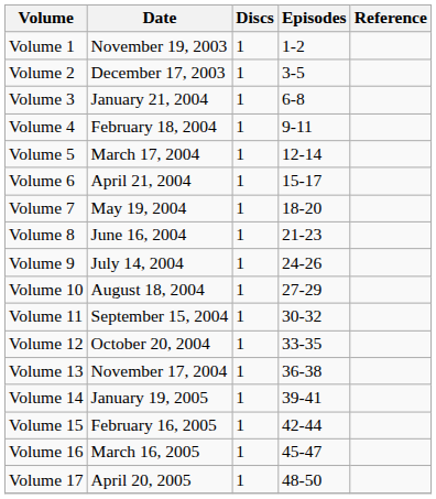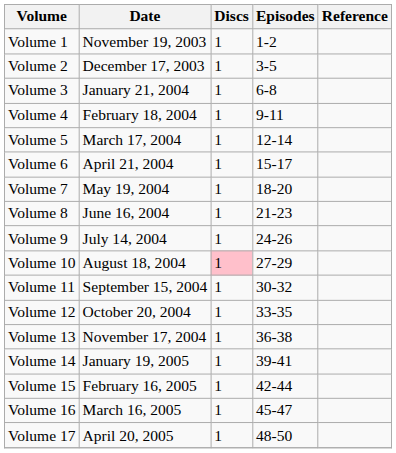 <table class="wikitable" border="1">
 <tr>
 <th>Volume</th>
 <th>Date</th>
 <th>Discs</th>
 <th>Episodes</th>
 <th>Reference</th>
 </tr>
 <tr>
 <td>Volume 1</td>
 <td>November 19, 2003</td>
 <td>1</td>
 <td>1-2</td>
 <td></td>
 </tr>
 <tr>
 <td>Volume 2</td>
 <td>December 17, 2003</td>
 <td>1</td>
 <td>3-5</td>
 <td></td>
 </tr>
 <tr>
 <td>Volume 3</td>
 <td>January 21, 2004</td>
 <td>1</td>
 <td>6-8</td>
 <td></td>
 </tr>
 <tr>
 <td>Volume 4</td>
 <td>February 18, 2004</td>
 <td>1</td>
 <td>9-11</td>
 <td></td>
 </tr>
 <tr>
 <td>Volume 5</td>
 <td>March 17, 2004</td>
 <td>1</td>
 <td>12-14</td>
 <td></td>
 </tr>
 <tr>
 <td>Volume 6</td>
 <td>April 21, 2004</td>
 <td>1</td>
 <td>15-17</td>
 <td></td>
 </tr>
 <tr>
 <td>Volume 7</td>
 <td>May 19, 2004</td>
 <td>1</td>
 <td>18-20</td>
 <td></td>
 </tr>
 <tr>
 <td>Volume 8</td>
 <td>June 16, 2004</td>
 <td>1</td>
 <td>21-23</td>
 <td></td>
 </tr>
 <tr>
 <td>Volume 9</td>
 <td>July 14, 2004</td>
 <td>1</td>
 <td>24-26</td>
 <td></td>
 </tr>
 <tr>
 <td>Volume 10</td>
 <td>August 18, 2004</td>
-<td>1</td>
+<td style="background: pink;">1</td>
 <td>27-29</td>
 <td></td>
 </tr>
 <tr>
 <td>Volume 11</td>
 <td>September 15, 2004</td>
 <td>1</td>
 <td>30-32</td>
 <td></td>
 </tr>
 <tr>
 <td>Volume 12</td>
 <td>October 20, 2004</td>
 <td>1</td>
 <td>33-35</td>
 <td></td>
 </tr>
 <tr>
 <td>Volume 13</td>
 <td>November 17, 2004</td>
 <td>1</td>
 <td>36-38</td>
 <td></td>
 </tr>
 <tr>
 <td>Volume 14</td>
 <td>January 19, 2005</td>
 <td>1</td>
 <td>39-41</td>
 <td></td>
 </tr>
 <tr>
 <td>Volume 15</td>
 <td>February 16, 2005</td>
 <td>1</td>
 <td>42-44</td>
 <td></td>
 </tr>
 <tr>
 <td>Volume 16</td>
 <td>March 16, 2005</td>
 <td>1</td>
 <td>45-47</td>
 <td></td>
 </tr>
 <tr>
 <td>Volume 17</td>
 <td>April 20, 2005</td>
 <td>1</td>
 <td>48-50</td>
 <td></td>
 </tr>
 <tr>
 </tr>
 </table>
